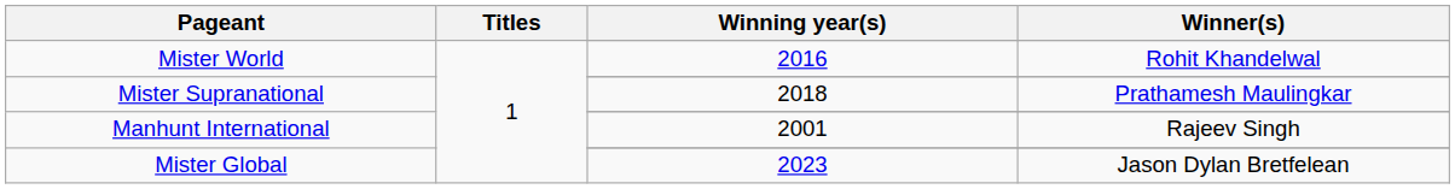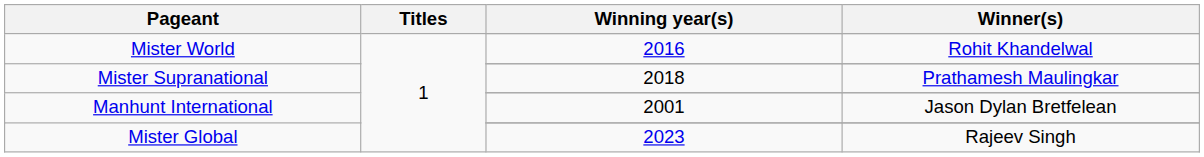 <table class="wikitable" style="text-align:center">
 <tr>
 <th width="300">Pageant</th>
 <th width="100">Titles</th>
 <th width="300">Winning year(s)</th>
 <th width="300">Winner(s)</th>
 </tr>
 <tr>
 <td rowspan="2"><a href='#'>Mister World</a></td>
 <td rowspan="8">1</td>
 </tr>
 <tr>
 <td><a href='#'>2016</a></td>
 <td><a href='#'>Rohit Khandelwal</a></td>
 </tr>
 <tr>
 <td rowspan="2"><a href='#'>Mister Supranational</a></td>
 </tr>
 <tr>
 <td>2018</td>
 <td><a href='#'>Prathamesh Maulingkar</a></td>
 </tr>
 <tr>
 <td rowspan="2"><a href='#'>Manhunt International</a></td>
 </tr>
 <tr>
 <td>2001</td>
-<td>Rajeev Singh</td>
+<td>Jason Dylan Bretfelean</td>
 </tr>
 <tr>
 <td rowspan="2"><a href='#'>Mister Global</a></td>
 </tr>
 <tr>
 <td><a href='#'>2023</a></td>
-<td>Jason Dylan Bretfelean</td>
+<td>Rajeev Singh</td>
 </tr>
 </table>
